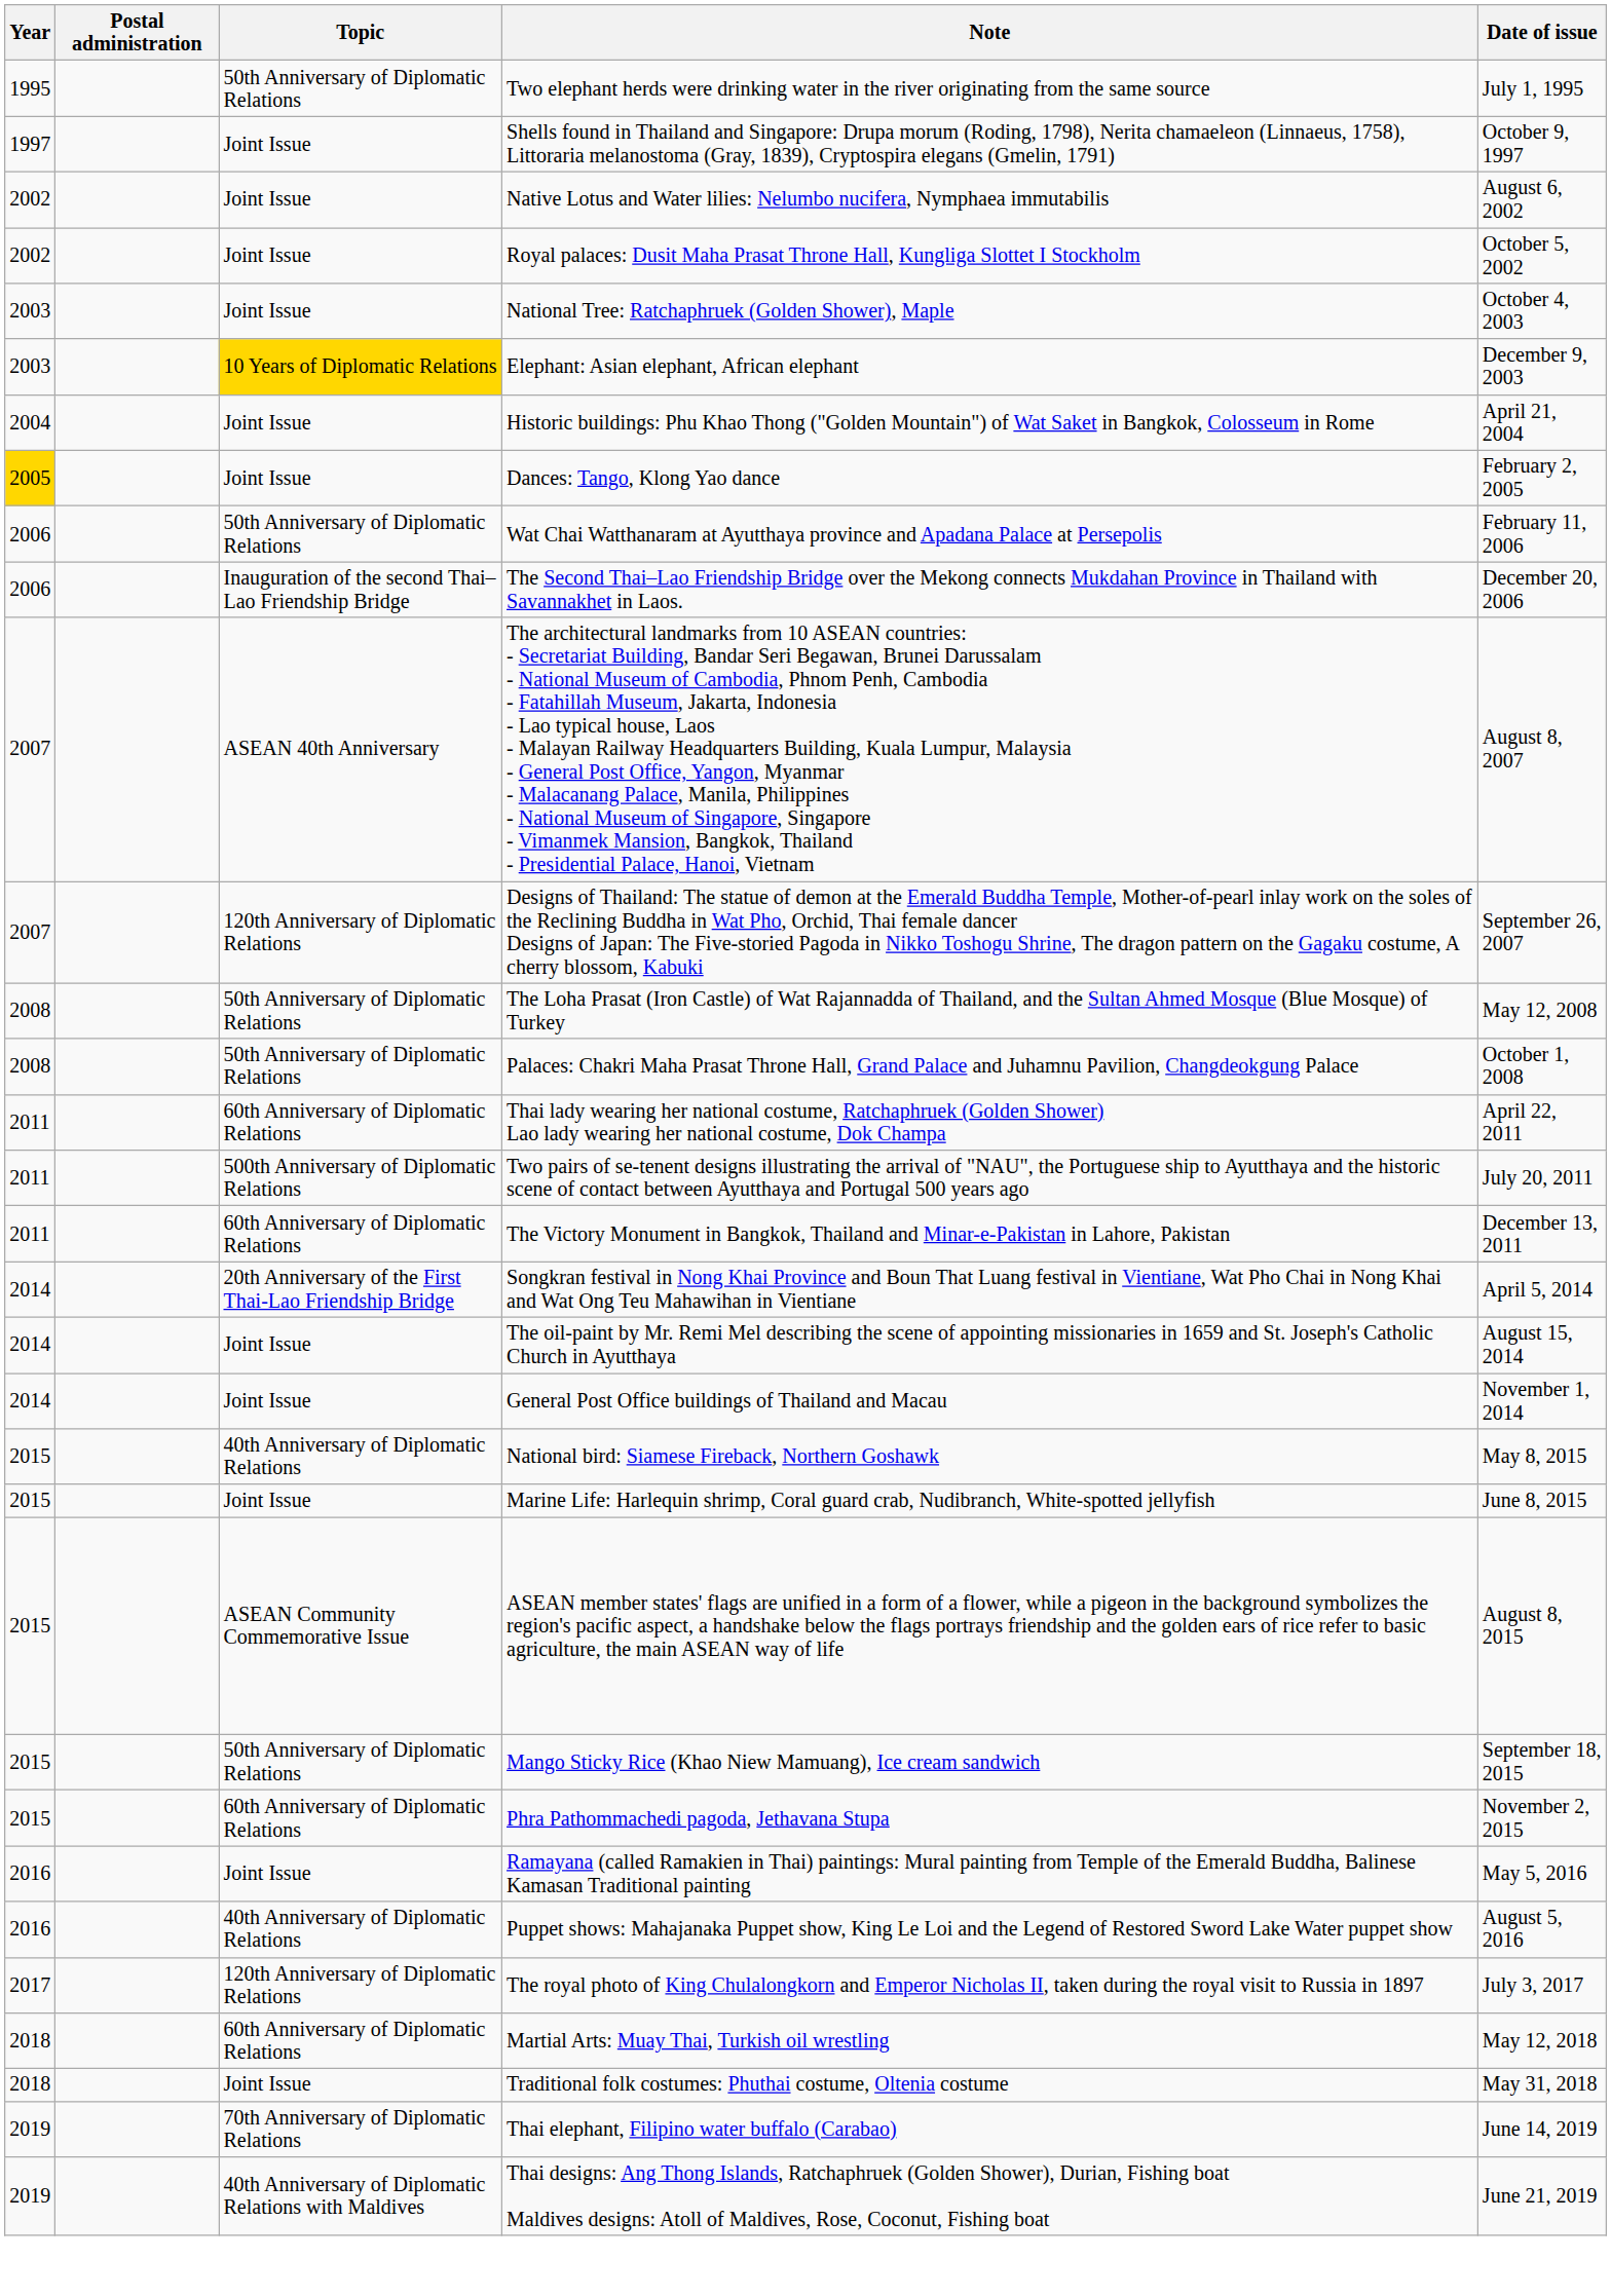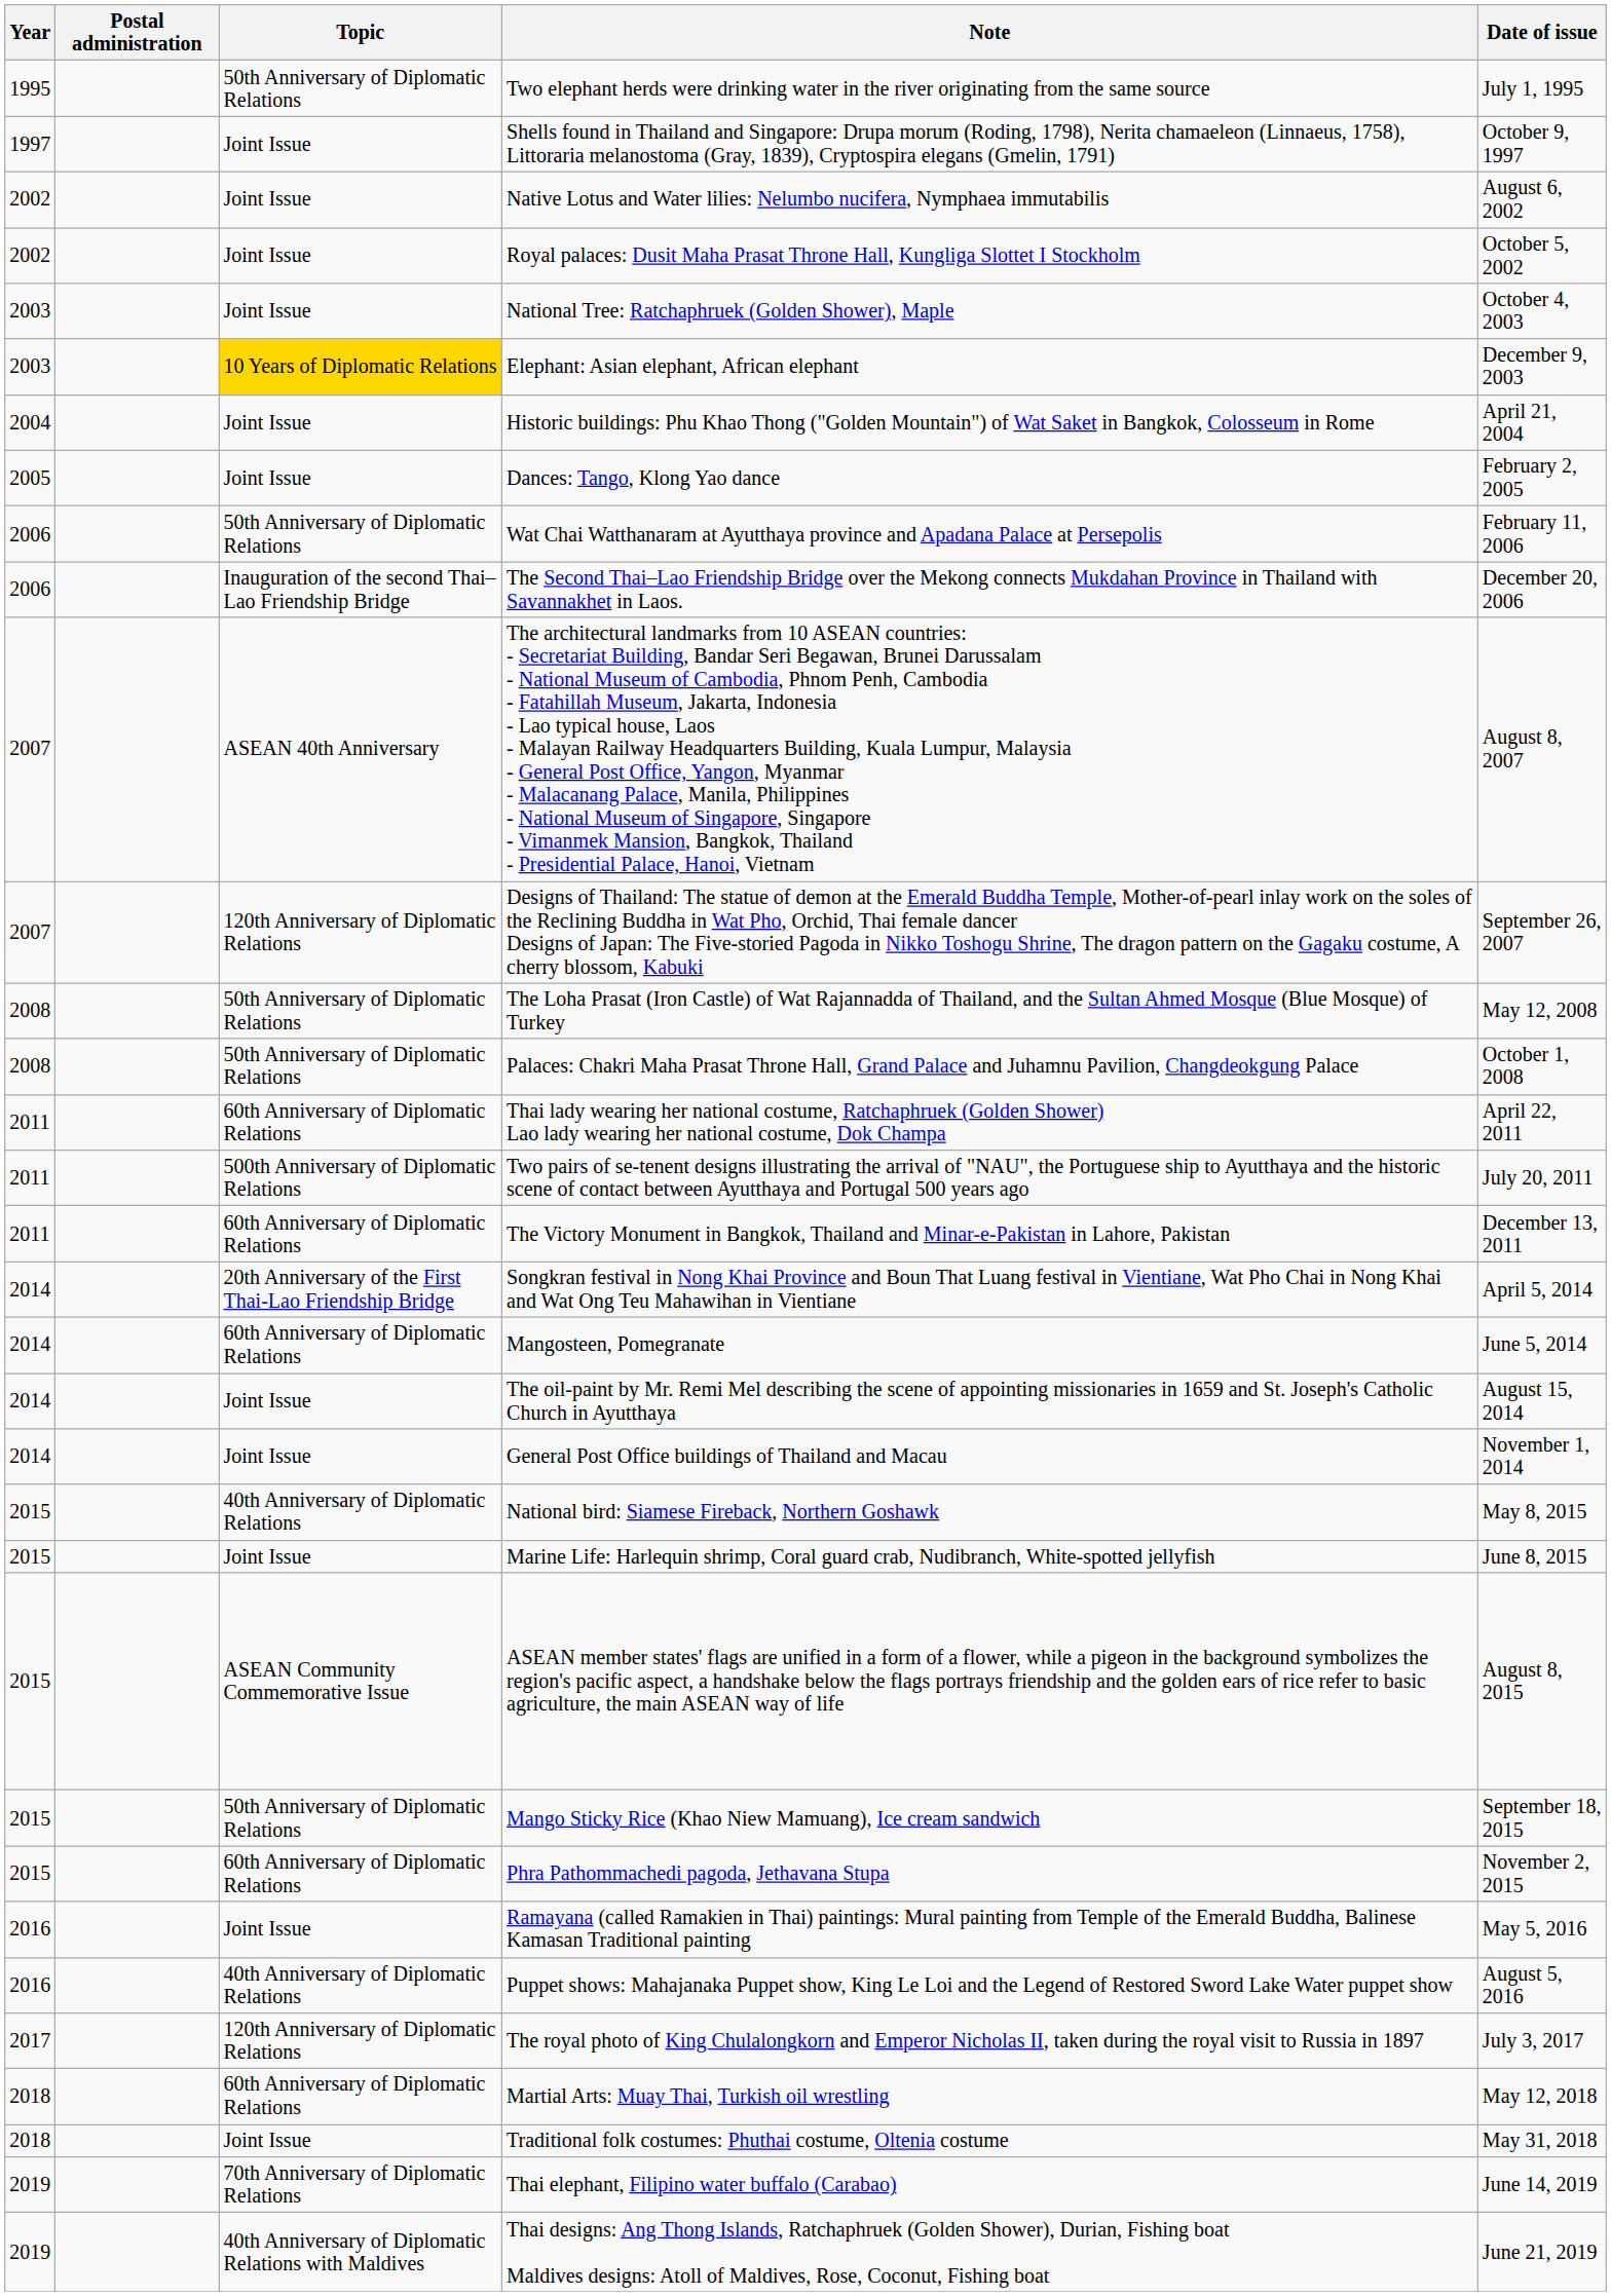 <table class="wikitable">
 <tr>
 <th>Year</th>
 <th>Postal administration</th>
 <th>Topic</th>
 <th>Note</th>
 <th>Date of issue</th>
 </tr>
 <tr>
 <td>1995</td>
 <td></td>
 <td>50th Anniversary of Diplomatic Relations</td>
 <td>Two elephant herds were drinking water in the river originating from the same source</td>
 <td>July 1, 1995</td>
 </tr>
 <tr>
 <td>1997</td>
 <td></td>
 <td>Joint Issue</td>
 <td>Shells found in Thailand and Singapore: Drupa morum (Roding, 1798), Nerita chamaeleon (Linnaeus, 1758), Littoraria melanostoma (Gray, 1839), Cryptospira elegans (Gmelin, 1791)</td>
 <td>October 9, 1997</td>
 </tr>
 <tr>
 <td>2002</td>
 <td></td>
 <td>Joint Issue</td>
 <td>Native Lotus and Water lilies: <a href='#'>Nelumbo nucifera</a>, Nymphaea immutabilis</td>
 <td>August 6, 2002</td>
 </tr>
 <tr>
 <td>2002</td>
 <td></td>
 <td>Joint Issue</td>
 <td>Royal palaces: <a href='#'>Dusit Maha Prasat Throne Hall</a>, <a href='#'>Kungliga Slottet I Stockholm</a></td>
 <td>October 5, 2002</td>
 </tr>
 <tr>
 <td>2003</td>
 <td></td>
 <td>Joint Issue</td>
 <td>National Tree: <a href='#'>Ratchaphruek (Golden Shower)</a>, <a href='#'>Maple</a></td>
 <td>October 4, 2003</td>
 </tr>
 <tr>
 <td>2003</td>
 <td></td>
 <td style="background: gold;">10 Years of Diplomatic Relations</td>
 <td>Elephant: Asian elephant, African elephant</td>
 <td>December 9, 2003</td>
 </tr>
 <tr>
 <td>2004</td>
 <td></td>
 <td>Joint Issue</td>
 <td>Historic buildings: Phu Khao Thong ("Golden Mountain") of <a href='#'>Wat Saket</a> in Bangkok, <a href='#'>Colosseum</a> in Rome</td>
 <td>April 21, 2004</td>
 </tr>
 <tr>
-<td style="background: gold;">2005</td>
+<td>2005</td>
 <td></td>
 <td>Joint Issue</td>
 <td>Dances: <a href='#'>Tango</a>, Klong Yao dance</td>
 <td>February 2, 2005</td>
 </tr>
 <tr>
 <td>2006</td>
 <td></td>
 <td>50th Anniversary of Diplomatic Relations</td>
 <td>Wat Chai Watthanaram at Ayutthaya province and <a href='#'>Apadana Palace</a> at <a href='#'>Persepolis</a></td>
 <td>February 11, 2006</td>
 </tr>
 <tr>
 <td>2006</td>
 <td></td>
 <td>Inauguration of the second Thai–Lao Friendship Bridge</td>
 <td>The <a href='#'>Second Thai–Lao Friendship Bridge</a> over the Mekong connects <a href='#'>Mukdahan Province</a> in Thailand with <a href='#'>Savannakhet</a> in Laos.</td>
 <td>December 20, 2006</td>
 </tr>
 <tr>
 <td>2007</td>
 <td> <br> <br> <br> <br> <br> <br> <br> <br> <br></td>
 <td>ASEAN 40th Anniversary</td>
 <td>The architectural landmarks from 10 ASEAN countries:<br>- <a href='#'>Secretariat Building</a>, Bandar Seri Begawan, Brunei Darussalam <br> - <a href='#'>National Museum of Cambodia</a>, Phnom Penh, Cambodia <br> - <a href='#'>Fatahillah Museum</a>, Jakarta, Indonesia <br> - Lao typical house, Laos <br> - Malayan Railway Headquarters Building, Kuala Lumpur, Malaysia <br> - <a href='#'>General Post Office, Yangon</a>, Myanmar <br> - <a href='#'>Malacanang Palace</a>, Manila, Philippines <br> - <a href='#'>National Museum of Singapore</a>, Singapore <br> - <a href='#'>Vimanmek Mansion</a>, Bangkok, Thailand <br> - <a href='#'>Presidential Palace, Hanoi</a>, Vietnam</td>
 <td>August 8, 2007</td>
 </tr>
 <tr>
 <td>2007</td>
 <td></td>
 <td>120th Anniversary of Diplomatic Relations</td>
 <td>Designs of Thailand: The statue of demon at the <a href='#'>Emerald Buddha Temple</a>, Mother-of-pearl inlay work on the soles of the Reclining Buddha in <a href='#'>Wat Pho</a>, Orchid, Thai female dancer <br> Designs of Japan: The Five-storied Pagoda in <a href='#'>Nikko Toshogu Shrine</a>, The dragon pattern on the <a href='#'>Gagaku</a> costume, A cherry blossom, <a href='#'>Kabuki</a></td>
 <td>September 26, 2007</td>
 </tr>
 <tr>
 <td>2008</td>
 <td></td>
 <td>50th Anniversary of Diplomatic Relations</td>
 <td>The Loha Prasat (Iron Castle) of Wat Rajannadda of Thailand, and the <a href='#'>Sultan Ahmed Mosque</a>  (Blue Mosque) of Turkey</td>
 <td>May 12, 2008</td>
 </tr>
 <tr>
 <td>2008</td>
 <td></td>
 <td>50th Anniversary of Diplomatic Relations</td>
 <td>Palaces:  Chakri Maha Prasat Throne Hall, <a href='#'>Grand Palace</a> and Juhamnu Pavilion, <a href='#'>Changdeokgung</a> Palace</td>
 <td>October 1, 2008</td>
 </tr>
 <tr>
 <td>2011</td>
 <td></td>
 <td>60th Anniversary of Diplomatic Relations</td>
 <td>Thai lady wearing her national costume, <a href='#'>Ratchaphruek (Golden Shower)</a> <br> Lao lady wearing her national costume, <a href='#'>Dok Champa</a></td>
 <td>April 22, 2011</td>
 </tr>
 <tr>
 <td>2011</td>
 <td></td>
 <td>500th Anniversary of Diplomatic Relations</td>
 <td>Two pairs of se-tenent designs illustrating the arrival of "NAU", the Portuguese ship to Ayutthaya and the historic scene of contact between Ayutthaya and Portugal 500 years ago</td>
 <td>July 20, 2011</td>
 </tr>
 <tr>
 <td>2011</td>
 <td></td>
 <td>60th Anniversary of Diplomatic Relations</td>
 <td>The Victory Monument in Bangkok, Thailand and <a href='#'>Minar-e-Pakistan</a> in Lahore, Pakistan</td>
 <td>December 13, 2011</td>
 </tr>
 <tr>
 <td>2014</td>
 <td></td>
 <td>20th Anniversary of the <a href='#'>First Thai-Lao Friendship Bridge</a></td>
 <td>Songkran festival in <a href='#'>Nong Khai Province</a> and Boun That Luang festival in <a href='#'>Vientiane</a>, Wat Pho Chai in Nong Khai and Wat Ong Teu Mahawihan in Vientiane</td>
 <td>April 5, 2014</td>
+</tr>
+<tr>
+<td>2014</td>
+<td></td>
+<td>60th Anniversary of Diplomatic Relations</td>
+<td>Mangosteen, Pomegranate</td>
+<td>June 5, 2014</td>
 </tr>
 <tr>
 <td>2014</td>
 <td></td>
 <td>Joint Issue</td>
 <td>The oil-paint by Mr. Remi Mel describing the scene of appointing missionaries in 1659 and St. Joseph's Catholic Church in Ayutthaya</td>
 <td>August 15, 2014</td>
 </tr>
 <tr>
 <td>2014</td>
 <td></td>
 <td>Joint Issue</td>
 <td>General Post Office buildings of Thailand and Macau</td>
 <td>November 1, 2014</td>
 </tr>
 <tr>
 <td>2015</td>
 <td></td>
 <td>40th Anniversary of Diplomatic Relations</td>
 <td>National bird: <a href='#'>Siamese Fireback</a>, <a href='#'>Northern Goshawk</a></td>
 <td>May 8, 2015</td>
 </tr>
 <tr>
 <td>2015</td>
 <td></td>
 <td>Joint Issue</td>
 <td>Marine Life: Harlequin shrimp, Coral guard crab, Nudibranch, White-spotted jellyfish</td>
 <td>June 8, 2015</td>
 </tr>
 <tr>
 <td>2015</td>
 <td> <br> <br> <br> <br> <br> <br> <br> <br> <br></td>
 <td>ASEAN Community Commemorative Issue</td>
 <td>ASEAN member states' flags are unified in a form of a flower, while a pigeon in the background symbolizes the region's pacific aspect, a handshake below the flags portrays friendship and the golden ears of rice refer to basic agriculture, the main ASEAN way of life</td>
 <td>August 8, 2015</td>
 </tr>
 <tr>
 <td>2015</td>
 <td></td>
 <td>50th Anniversary of Diplomatic Relations</td>
 <td><a href='#'>Mango Sticky Rice</a> (Khao Niew Mamuang), <a href='#'>Ice cream sandwich</a></td>
 <td>September 18, 2015</td>
 </tr>
 <tr>
 <td>2015</td>
 <td></td>
 <td>60th Anniversary of Diplomatic Relations</td>
 <td><a href='#'>Phra Pathommachedi pagoda</a>, <a href='#'>Jethavana Stupa</a></td>
 <td>November 2, 2015</td>
 </tr>
 <tr>
 <td>2016</td>
 <td></td>
 <td>Joint Issue</td>
 <td><a href='#'>Ramayana</a> (called Ramakien in Thai) paintings:  Mural painting from Temple of the Emerald Buddha,  Balinese Kamasan Traditional painting</td>
 <td>May 5, 2016</td>
 </tr>
 <tr>
 <td>2016</td>
 <td></td>
 <td>40th Anniversary of Diplomatic Relations</td>
 <td>Puppet shows: Mahajanaka Puppet show, King Le Loi and the Legend of Restored Sword Lake Water puppet show</td>
 <td>August 5, 2016</td>
 </tr>
 <tr>
 <td>2017</td>
 <td></td>
 <td>120th Anniversary of Diplomatic Relations</td>
 <td>The royal photo of <a href='#'>King Chulalongkorn</a> and <a href='#'>Emperor Nicholas II</a>, taken during the royal visit to Russia in 1897</td>
 <td>July 3, 2017</td>
 </tr>
 <tr>
 <td>2018</td>
 <td></td>
 <td>60th Anniversary of Diplomatic Relations</td>
 <td>Martial Arts: <a href='#'>Muay Thai</a>, <a href='#'>Turkish oil wrestling</a></td>
 <td>May 12, 2018</td>
 </tr>
 <tr>
 <td>2018</td>
 <td></td>
 <td>Joint Issue</td>
 <td>Traditional folk costumes: <a href='#'>Phuthai</a> costume, <a href='#'>Oltenia</a> costume</td>
 <td>May 31, 2018</td>
 </tr>
 <tr>
 <td>2019</td>
 <td></td>
 <td>70th Anniversary of Diplomatic Relations</td>
 <td>Thai elephant, <a href='#'>Filipino water buffalo (Carabao)</a></td>
 <td>June 14, 2019</td>
 </tr>
 <tr>
 <td>2019</td>
 <td></td>
 <td>40th Anniversary of Diplomatic Relations with Maldives</td>
 <td>Thai designs: <a href='#'>Ang Thong Islands</a>, Ratchaphruek (Golden Shower), Durian, Fishing boat <br><br>Maldives designs: Atoll of Maldives, Rose, Coconut, Fishing boat</td>
 <td>June 21, 2019</td>
 </tr>
 </table>
